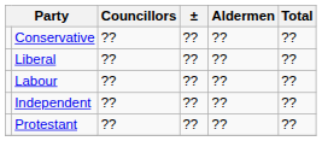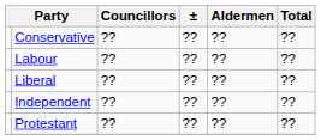 <table class="wikitable">
 <tr>
 <th colspan="2">Party</th>
 <th>Councillors</th>
 <th>  ±  </th>
 <th>Aldermen</th>
 <th>Total</th>
 </tr>
 <tr>
 <td style="background-color: "></td>
 <td><a href='#'>Conservative</a></td>
 <td>??</td>
 <td>??</td>
 <td>??</td>
 <td>??</td>
 </tr>
 <tr>
 <td style="background-color: "></td>
-<td><a href='#'>Liberal</a></td>
+<td><a href='#'>Labour</a></td>
 <td>??</td>
 <td>??</td>
 <td>??</td>
 <td>??</td>
 </tr>
 <tr>
 <td style="background-color: "></td>
-<td><a href='#'>Labour</a></td>
+<td><a href='#'>Liberal</a></td>
 <td>??</td>
 <td>??</td>
 <td>??</td>
 <td>??</td>
 </tr>
 <tr>
 <td style="background-color: "></td>
 <td><a href='#'>Independent</a></td>
 <td>??</td>
 <td>??</td>
 <td>??</td>
 <td>??</td>
 </tr>
 <tr>
 <td style="background-color: "></td>
 <td><a href='#'>Protestant</a></td>
 <td>??</td>
 <td>??</td>
 <td>??</td>
 <td>??</td>
 </tr>
 <tr>
 </tr>
 </table>
